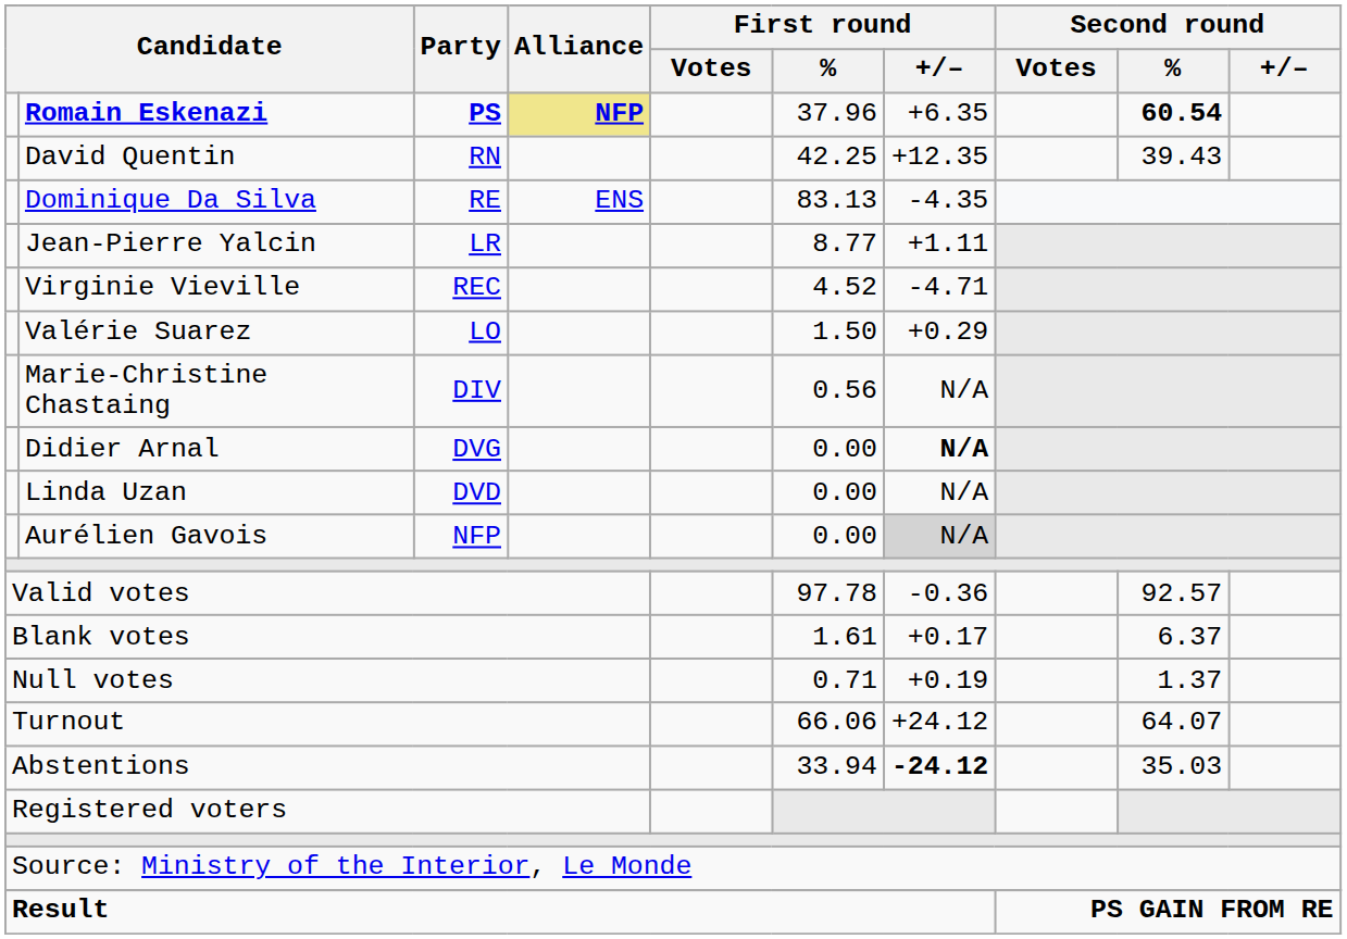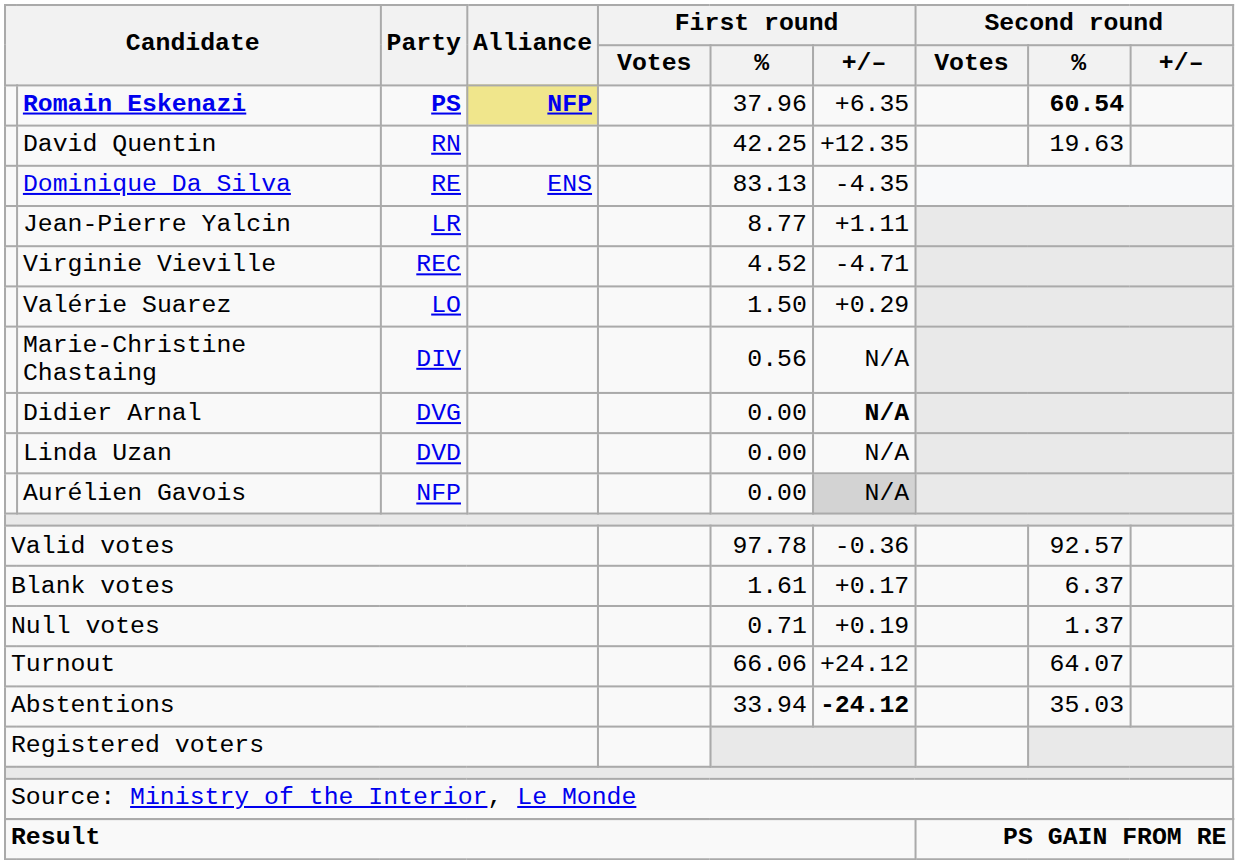 <table class="wikitable" style="text-align:right;font-size:95%;">
 <tr>
 <th rowspan="2" colspan="2">Candidate</th>
 <th rowspan="2">Party</th>
 <th rowspan="2">Alliance</th>
 <th colspan="3">First round</th>
 <th colspan="3">Second round</th>
 </tr>
 <tr>
 <th style="width:50px;">Votes</th>
 <th style="width:45px;">%</th>
 <th style="width:45px;">+/–</th>
 <th style="width:50px;">Votes</th>
 <th style="width:45px;">%</th>
 <th style="width:45px;">+/–</th>
 </tr>
 <tr>
 <td style="color:inherit;background:"></td>
 <td style="text-align:left;"><strong><a href='#'>Romain Eskenazi</a></strong></td>
 <td><a href='#'><strong>PS</strong></a></td>
 <td style="background: khaki;"><a href='#'><strong>NFP</strong></a></td>
 <td></td>
 <td>37.96</td>
 <td>+6.35</td>
 <td><strong></strong></td>
 <td><strong>60.54</strong></td>
 <td></td>
 </tr>
 <tr>
 <td style="color:inherit;background:"></td>
 <td style="text-align:left;">David Quentin</td>
 <td><a href='#'>RN</a></td>
 <td></td>
 <td></td>
 <td>42.25</td>
 <td>+12.35</td>
 <td></td>
-<td>39.43</td>
+<td>19.63</td>
 <td></td>
 </tr>
 <tr>
 <td style="color:inherit;background:"></td>
 <td style="text-align:left;"><a href='#'>Dominique Da Silva</a></td>
 <td><a href='#'>RE</a></td>
 <td><a href='#'>ENS</a></td>
 <td></td>
 <td>83.13</td>
 <td>-4.35</td>
 <td colspan="3" style="background:#F8F9FA;"></td>
 </tr>
 <tr>
 <td style="color:inherit;background:"></td>
 <td style="text-align:left;">Jean-Pierre Yalcin</td>
 <td><a href='#'>LR</a></td>
 <td></td>
 <td></td>
 <td>8.77</td>
 <td>+1.11</td>
 <td colspan="3" style="background:#E9E9E9;"></td>
 </tr>
 <tr>
 <td style="color:inherit;background:"></td>
 <td style="text-align:left;">Virginie Vieville</td>
 <td><a href='#'>REC</a></td>
 <td></td>
 <td></td>
 <td>4.52</td>
 <td>-4.71</td>
 <td colspan="3" style="background:#E9E9E9;"></td>
 </tr>
 <tr>
 <td style="color:inherit;background:"></td>
 <td style="text-align:left;">Valérie Suarez</td>
 <td><a href='#'>LO</a></td>
 <td></td>
 <td></td>
 <td>1.50</td>
 <td>+0.29</td>
 <td colspan="3" style="background:#E9E9E9;"></td>
 </tr>
 <tr>
 <td style="color:inherit;background:"></td>
 <td style="text-align:left;">Marie-Christine Chastaing</td>
 <td><a href='#'>DIV</a></td>
 <td></td>
 <td></td>
 <td>0.56</td>
 <td>N/A</td>
 <td colspan="3" style="background:#E9E9E9;"></td>
 </tr>
 <tr>
 <td style="color:inherit;background:"></td>
 <td style="text-align:left;">Didier Arnal</td>
 <td><a href='#'>DVG</a></td>
 <td></td>
 <td></td>
 <td>0.00</td>
 <td><strong>N/A</strong></td>
 <td colspan="3" style="background:#E9E9E9;"></td>
 </tr>
 <tr>
 <td style="color:inherit;background:"></td>
 <td style="text-align:left;">Linda Uzan</td>
 <td><a href='#'>DVD</a></td>
 <td></td>
 <td></td>
 <td>0.00</td>
 <td>N/A</td>
 <td colspan="3" style="background:#E9E9E9;"></td>
 </tr>
 <tr>
 <td style="color:inherit;background:"></td>
 <td style="text-align:left;">Aurélien Gavois</td>
 <td><a href='#'>NFP</a></td>
 <td></td>
 <td></td>
 <td>0.00</td>
 <td style="background: lightgrey;">N/A</td>
 <td colspan="3" style="background:#E9E9E9;"></td>
 </tr>
 <tr>
 <td colspan="10" style="background:#E9E9E9;"></td>
 </tr>
 <tr>
 <td colspan="4" style="text-align:left;">Valid votes</td>
 <td></td>
 <td>97.78</td>
 <td>-0.36</td>
 <td></td>
 <td>92.57</td>
 <td></td>
 </tr>
 <tr>
 <td colspan="4" style="text-align:left;">Blank votes</td>
 <td></td>
 <td>1.61</td>
 <td>+0.17</td>
 <td></td>
 <td>6.37</td>
 <td></td>
 </tr>
 <tr>
 <td colspan="4" style="text-align:left;">Null votes</td>
 <td></td>
 <td>0.71</td>
 <td>+0.19</td>
 <td></td>
 <td>1.37</td>
 <td></td>
 </tr>
 <tr>
 <td colspan="4" style="text-align:left;">Turnout</td>
 <td></td>
 <td>66.06</td>
 <td>+24.12</td>
 <td></td>
 <td>64.07</td>
 <td></td>
 </tr>
 <tr>
 <td colspan="4" style="text-align:left;">Abstentions</td>
 <td></td>
 <td>33.94</td>
 <td><strong>-24.12</strong></td>
 <td></td>
 <td>35.03</td>
 <td></td>
 </tr>
 <tr>
 <td colspan="4" style="text-align:left;">Registered voters</td>
 <td></td>
 <td colspan="2" style="background:#E9E9E9;"></td>
 <td></td>
 <td colspan="2" style="background:#E9E9E9;"></td>
 </tr>
 <tr>
 <td colspan="10" style="background:#E9E9E9;"></td>
 </tr>
 <tr>
 <td colspan="10" style="text-align:left;">Source: <a href='#'>Ministry of the Interior</a>, <a href='#'>Le Monde</a></td>
 </tr>
 <tr>
 </tr>
 <tr style="font-weight:bold">
 <td colspan="7" style="text-align:left;">Result</td>
 <td colspan="7" style="background-color:">PS GAIN FROM RE</td>
 </tr>
 </table>
